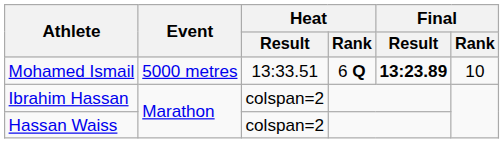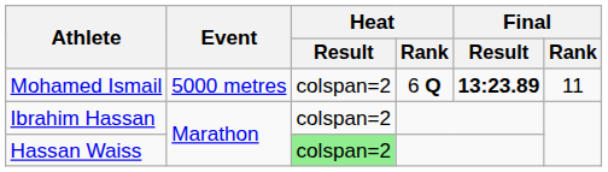 <table class="wikitable" style="font-size:90%">
 <tr>
 <th rowspan="2">Athlete</th>
 <th rowspan="2">Event</th>
 <th colspan="2">Heat</th>
 <th colspan="2">Final</th>
 </tr>
 <tr style="font-size:95%">
 <th>Result</th>
 <th>Rank</th>
 <th>Result</th>
 <th>Rank</th>
 </tr>
 <tr align=center>
 <td align=left><a href='#'>Mohamed Ismail</a></td>
 <td align=left><a href='#'>5000 metres</a></td>
-<td>13:33.51</td>
+<td>colspan=2</td>
 <td>6 <strong>Q</strong></td>
 <td><strong>13:23.89</strong></td>
-<td>10</td>
+<td>11</td>
 </tr>
 <tr align=center>
 <td align=left><a href='#'>Ibrahim Hassan</a></td>
 <td align=left rowspan=2><a href='#'>Marathon</a></td>
 <td>colspan=2</td>
 <td colspan=2></td>
 </tr>
 <tr align=center>
 <td align=left><a href='#'>Hassan Waiss</a></td>
-<td>colspan=2</td>
+<td style="background: lightgreen;">colspan=2</td>
 <td colspan=2></td>
 </tr>
 </table>
